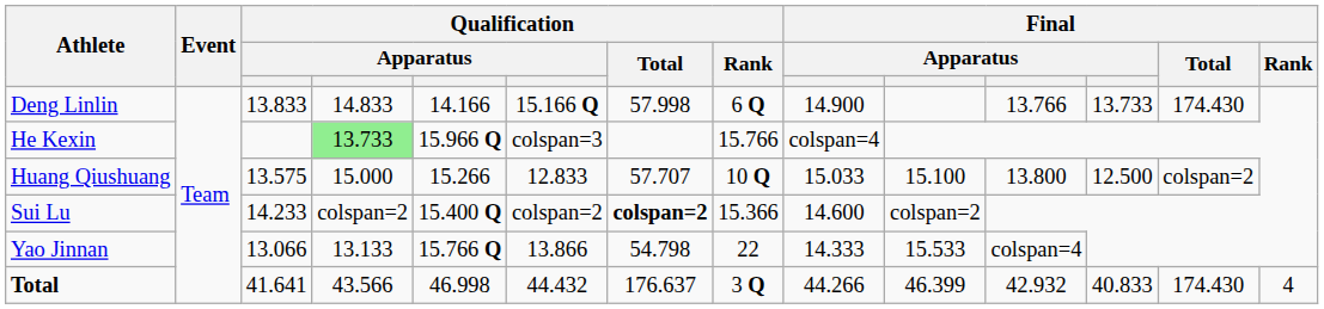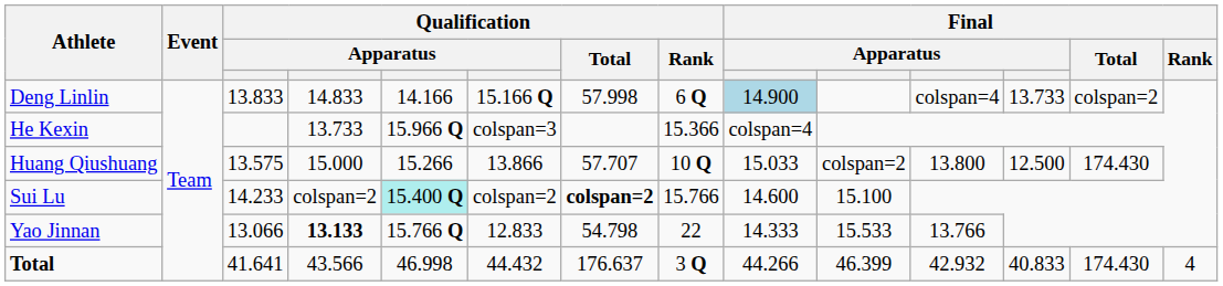 <table class="wikitable" style="font-size:90%">
 <tr>
 <th rowspan=3>Athlete</th>
 <th rowspan=3>Event</th>
 <th colspan=6>Qualification</th>
 <th colspan=6>Final</th>
 </tr>
 <tr style="font-size:95%">
 <th colspan=4>Apparatus</th>
 <th rowspan=2>Total</th>
 <th rowspan=2>Rank</th>
 <th colspan=4>Apparatus</th>
 <th rowspan=2>Total</th>
 <th rowspan=2>Rank</th>
 </tr>
 <tr style="font-size:95%">
 <th></th>
 <th></th>
 <th></th>
 <th></th>
 <th></th>
 <th></th>
 <th></th>
 <th></th>
 </tr>
 <tr align=center>
 <td align=left><a href='#'>Deng Linlin</a></td>
 <td align=left rowspan=6><a href='#'>Team</a></td>
 <td>13.833</td>
 <td>14.833</td>
 <td>14.166</td>
 <td>15.166 <strong>Q</strong></td>
 <td>57.998</td>
 <td>6 <strong>Q</strong></td>
-<td>14.900</td>
+<td style="background: lightblue;">14.900</td>
 <td></td>
-<td>13.766</td>
+<td>colspan=4 </td>
 <td>13.733</td>
-<td>174.430</td>
+<td>colspan=2 </td>
 </tr>
 <tr align=center>
 <td align=left><a href='#'>He Kexin</a></td>
 <td></td>
-<td style="background: lightgreen;">13.733</td>
+<td>13.733</td>
 <td>15.966 <strong>Q</strong></td>
 <td>colspan=3 </td>
 <td></td>
-<td>15.766</td>
+<td>15.366</td>
 <td>colspan=4 </td>
 </tr>
 <tr align=center>
 <td align=left><a href='#'>Huang Qiushuang</a></td>
 <td>13.575</td>
 <td>15.000</td>
 <td>15.266</td>
-<td>12.833</td>
+<td>13.866</td>
 <td>57.707</td>
 <td>10 <strong>Q</strong></td>
 <td>15.033</td>
-<td>15.100</td>
+<td>colspan=2 </td>
 <td>13.800</td>
 <td>12.500</td>
-<td>colspan=2 </td>
+<td>174.430</td>
 </tr>
 <tr align=center>
 <td align=left><a href='#'>Sui Lu</a></td>
 <td>14.233</td>
 <td>colspan=2 </td>
-<td>15.400 <strong>Q</strong></td>
+<td style="background: paleturquoise;">15.400 <strong>Q</strong></td>
 <td>colspan=2 </td>
 <td><strong>colspan=2 </strong></td>
-<td>15.366</td>
+<td>15.766</td>
 <td>14.600</td>
-<td>colspan=2 </td>
+<td>15.100</td>
 </tr>
 <tr align=center>
 <td align=left><a href='#'>Yao Jinnan</a></td>
 <td>13.066</td>
-<td>13.133</td>
+<td><strong>13.133</strong></td>
 <td>15.766 <strong>Q</strong></td>
-<td>13.866</td>
+<td>12.833</td>
 <td>54.798</td>
 <td>22</td>
 <td>14.333</td>
 <td>15.533</td>
-<td>colspan=4 </td>
+<td>13.766</td>
 </tr>
 <tr align=center>
 <td align=left><strong>Total</strong></td>
 <td>41.641</td>
 <td>43.566</td>
 <td>46.998</td>
 <td>44.432</td>
 <td>176.637</td>
 <td>3 <strong>Q</strong></td>
 <td>44.266</td>
 <td>46.399</td>
 <td>42.932</td>
 <td>40.833</td>
 <td>174.430</td>
 <td>4</td>
 </tr>
 </table>
